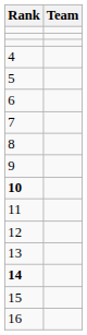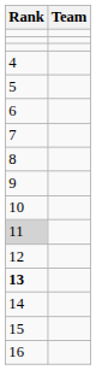 <table class="wikitable">
 <tr>
 <th>Rank</th>
 <th>Team</th>
 </tr>
 <tr>
 <td></td>
 <td></td>
 </tr>
 <tr>
 <td></td>
 <td></td>
 </tr>
 <tr>
 <td></td>
 <td></td>
 </tr>
 <tr>
 <td>4</td>
 <td></td>
 </tr>
 <tr>
 <td>5</td>
 <td></td>
 </tr>
 <tr>
 <td>6</td>
 <td></td>
 </tr>
 <tr>
 <td>7</td>
 <td></td>
 </tr>
 <tr>
 <td>8</td>
 <td></td>
 </tr>
 <tr>
 <td>9</td>
 <td></td>
 </tr>
 <tr>
-<td><strong>10</strong></td>
+<td>10</td>
 <td></td>
 </tr>
 <tr>
-<td>11</td>
+<td style="background: lightgrey;">11</td>
 <td></td>
 </tr>
 <tr>
 <td>12</td>
 <td></td>
 </tr>
 <tr>
-<td>13</td>
+<td><strong>13</strong></td>
 <td></td>
 </tr>
 <tr>
-<td><strong>14</strong></td>
+<td>14</td>
 <td></td>
 </tr>
 <tr>
 <td>15</td>
 <td></td>
 </tr>
 <tr>
 <td>16</td>
 <td></td>
 </tr>
 </table>
